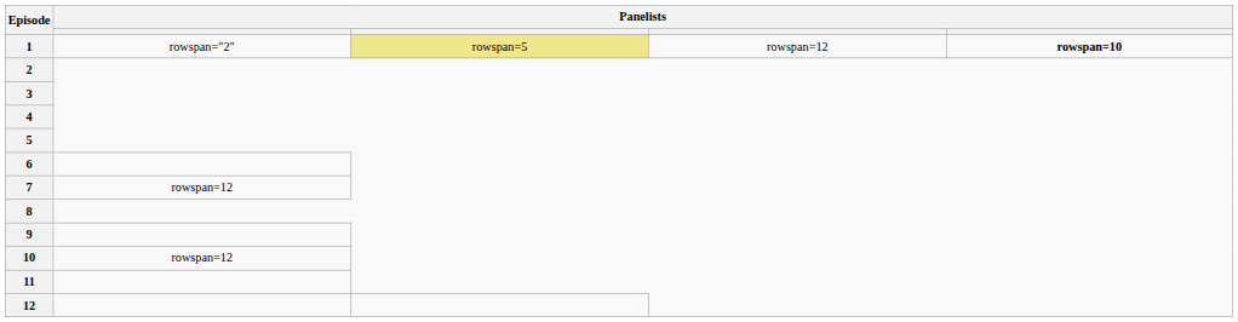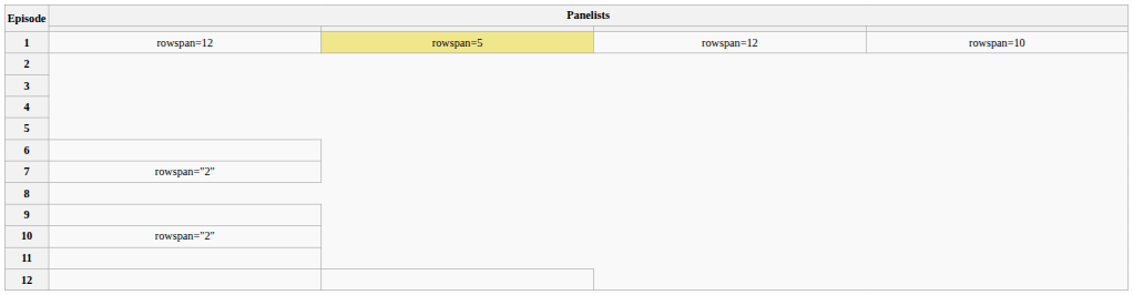 <table class="wikitable plainrowheaders mw-collapsible" style="text-align:center; line-height:23px; width:100%;">
 <tr>
 <th rowspan=2 width=1%>Episode</th>
 <th colspan=4>Panelists</th>
 </tr>
 <tr>
 <th width="25%"></th>
 <th width="25%"></th>
 <th width="25%"></th>
 <th width="25%"></th>
 </tr>
 <tr>
 <th>1</th>
-<td>rowspan="2" </td>
+<td>rowspan=12 </td>
 <td style="background: khaki;">rowspan=5 </td>
 <td>rowspan=12 </td>
-<td><strong>rowspan=10 </strong></td>
+<td>rowspan=10 </td>
 </tr>
 <tr>
 <th>2</th>
 </tr>
 <tr>
 <th>3</th>
 </tr>
 <tr>
 <th>4</th>
 </tr>
 <tr>
 <th>5</th>
 </tr>
 <tr>
 <th>6</th>
 <td></td>
 </tr>
 <tr>
 <th>7</th>
-<td>rowspan=12 </td>
+<td>rowspan="2" </td>
 </tr>
 <tr>
 <th>8</th>
 </tr>
 <tr>
 <th>9</th>
 <td></td>
 </tr>
 <tr>
 <th>10</th>
-<td>rowspan=12 </td>
+<td>rowspan="2" </td>
 </tr>
 <tr>
 <th>11</th>
 <td></td>
 </tr>
 <tr>
 <th>12</th>
 <td></td>
 <td></td>
 </tr>
 </table>
